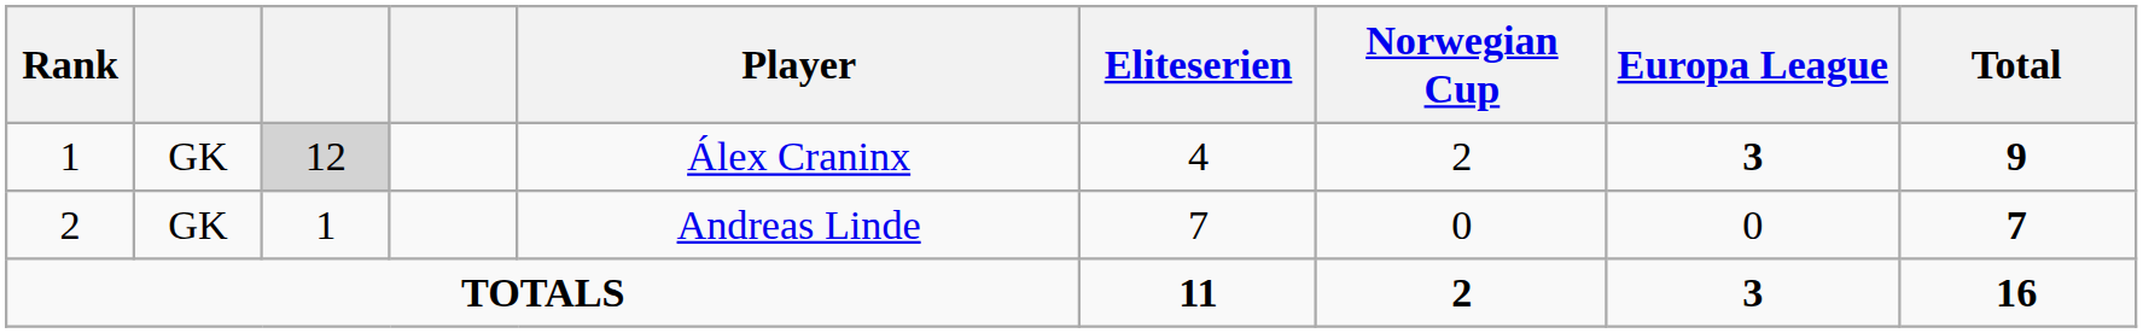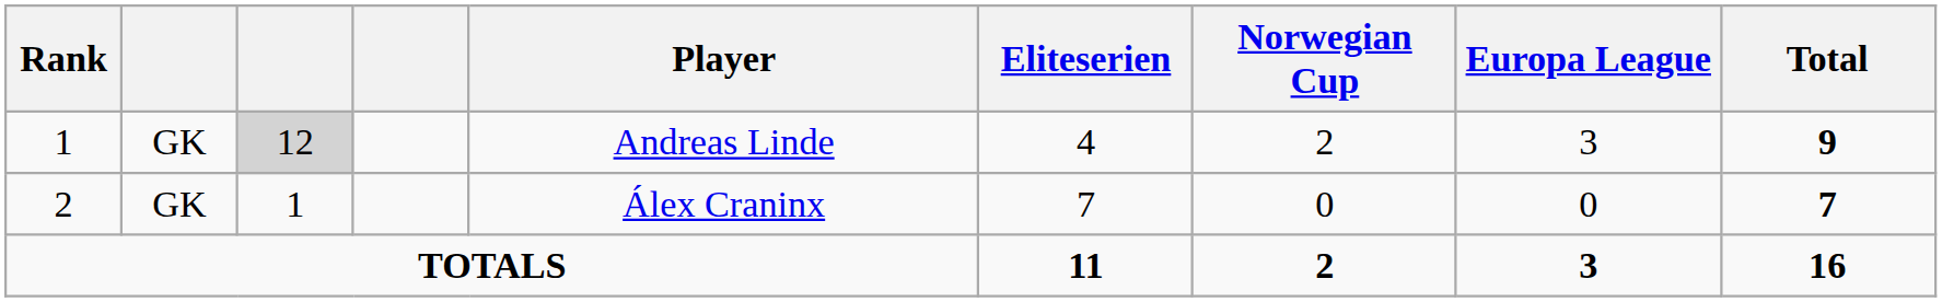 <table class="wikitable" style="font-size: 95%; text-align: center;">
 <tr>
 <th width=40>Rank</th>
 <th width=40></th>
 <th width=40></th>
 <th width=40></th>
 <th width=200>Player</th>
 <th width=80><a href='#'>Eliteserien</a></th>
 <th width=100><a href='#'>Norwegian Cup</a></th>
 <th width=100><a href='#'>Europa League</a></th>
 <th width=80><strong>Total</strong></th>
 </tr>
 <tr>
 <td>1</td>
 <td>GK</td>
 <td style="background: lightgrey;">12</td>
 <td></td>
-<td><a href='#'>Álex Craninx</a></td>
+<td><a href='#'>Andreas Linde</a></td>
 <td>4</td>
 <td>2</td>
-<td><strong>3</strong></td>
+<td>3</td>
 <td><strong>9</strong></td>
 </tr>
 <tr>
 <td>2</td>
 <td>GK</td>
 <td>1</td>
 <td></td>
-<td><a href='#'>Andreas Linde</a></td>
+<td><a href='#'>Álex Craninx</a></td>
 <td>7</td>
 <td>0</td>
 <td>0</td>
 <td><strong>7</strong></td>
 </tr>
 <tr>
 <td colspan="5"><strong>TOTALS</strong></td>
 <td><strong>11</strong></td>
 <td><strong>2</strong></td>
 <td><strong>3</strong></td>
 <td><strong>16</strong></td>
 </tr>
 </table>
